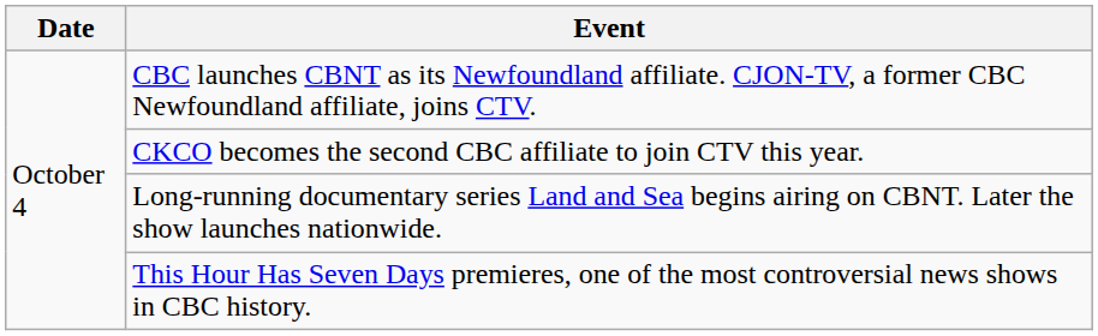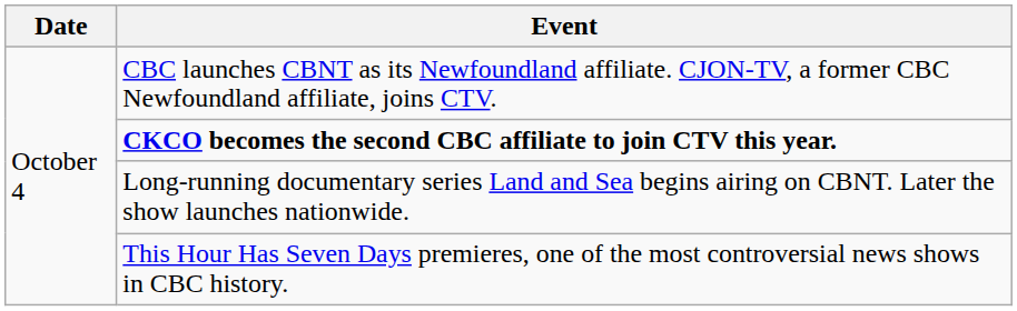 <table class="wikitable">
 <tr>
 <th>Date</th>
 <th>Event</th>
 </tr>
 <tr>
 <td rowspan="4">October 4</td>
 <td><a href='#'>CBC</a> launches <a href='#'>CBNT</a> as its <a href='#'>Newfoundland</a> affiliate. <a href='#'>CJON-TV</a>, a former CBC Newfoundland affiliate, joins <a href='#'>CTV</a>.</td>
 </tr>
 <tr>
-<td><a href='#'>CKCO</a> becomes the second CBC affiliate to join CTV this year.</td>
+<td><strong><a href='#'>CKCO</a> becomes the second CBC affiliate to join CTV this year.</strong></td>
 </tr>
 <tr>
 <td>Long-running documentary series <a href='#'>Land and Sea</a> begins airing on CBNT. Later the show launches nationwide.</td>
 </tr>
 <tr>
 <td><a href='#'>This Hour Has Seven Days</a> premieres, one of the most controversial news shows in CBC history.</td>
 </tr>
 </table>
